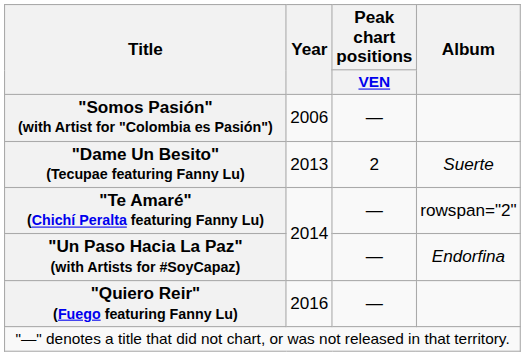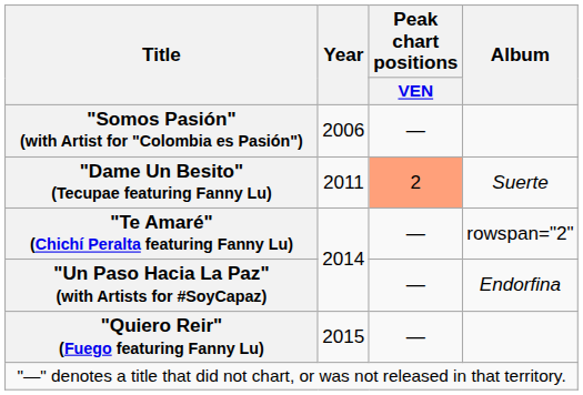 <table class="wikitable plainrowheaders" style="text-align:center;">
 <tr>
 <th scope="col" rowspan="2" style="width:16em;">Title</th>
 <th scope="col" rowspan="2">Year</th>
 <th scope="col" colspan="1">Peak chart positions</th>
 <th scope="col" rowspan="2">Album</th>
 </tr>
 <tr>
 <th scope="col" style="width:3em;font-size:90%;"><a href='#'>VEN</a> <br></th>
 </tr>
 <tr>
 <th scope="row">"Somos Pasión" <br> <small>(with Artist for "Colombia es Pasión")</small></th>
 <td>2006</td>
 <td>—</td>
 <td></td>
 </tr>
 <tr>
 <th scope="row">"Dame Un Besito" <br> <small>(Tecupae featuring Fanny Lu)</small></th>
-<td>2013</td>
-<td>2</td>
+<td>2011</td>
+<td style="background: lightsalmon;">2</td>
 <td><em>Suerte</em></td>
 </tr>
 <tr>
 <th scope="row">"Te Amaré" <br> <small>(<a href='#'>Chichí Peralta</a> featuring Fanny Lu)</small></th>
 <td align="center" rowspan="2">2014</td>
 <td>—</td>
 <td>rowspan="2" </td>
 </tr>
 <tr>
 <th scope="row">"Un Paso Hacia La Paz" <br> <small>(with Artists for #SoyCapaz)</small></th>
 <td>—</td>
 <td><em>Endorfina</em></td>
 </tr>
 <tr>
 <th scope="row">"Quiero Reir" <br> <small>(<a href='#'>Fuego</a> featuring Fanny Lu)</small></th>
-<td>2016</td>
+<td>2015</td>
 <td>—</td>
 </tr>
 <tr>
 <td colspan="16" style="font-size:90%">"—" denotes a title that did not chart, or was not released in that territory.</td>
 </tr>
 </table>
